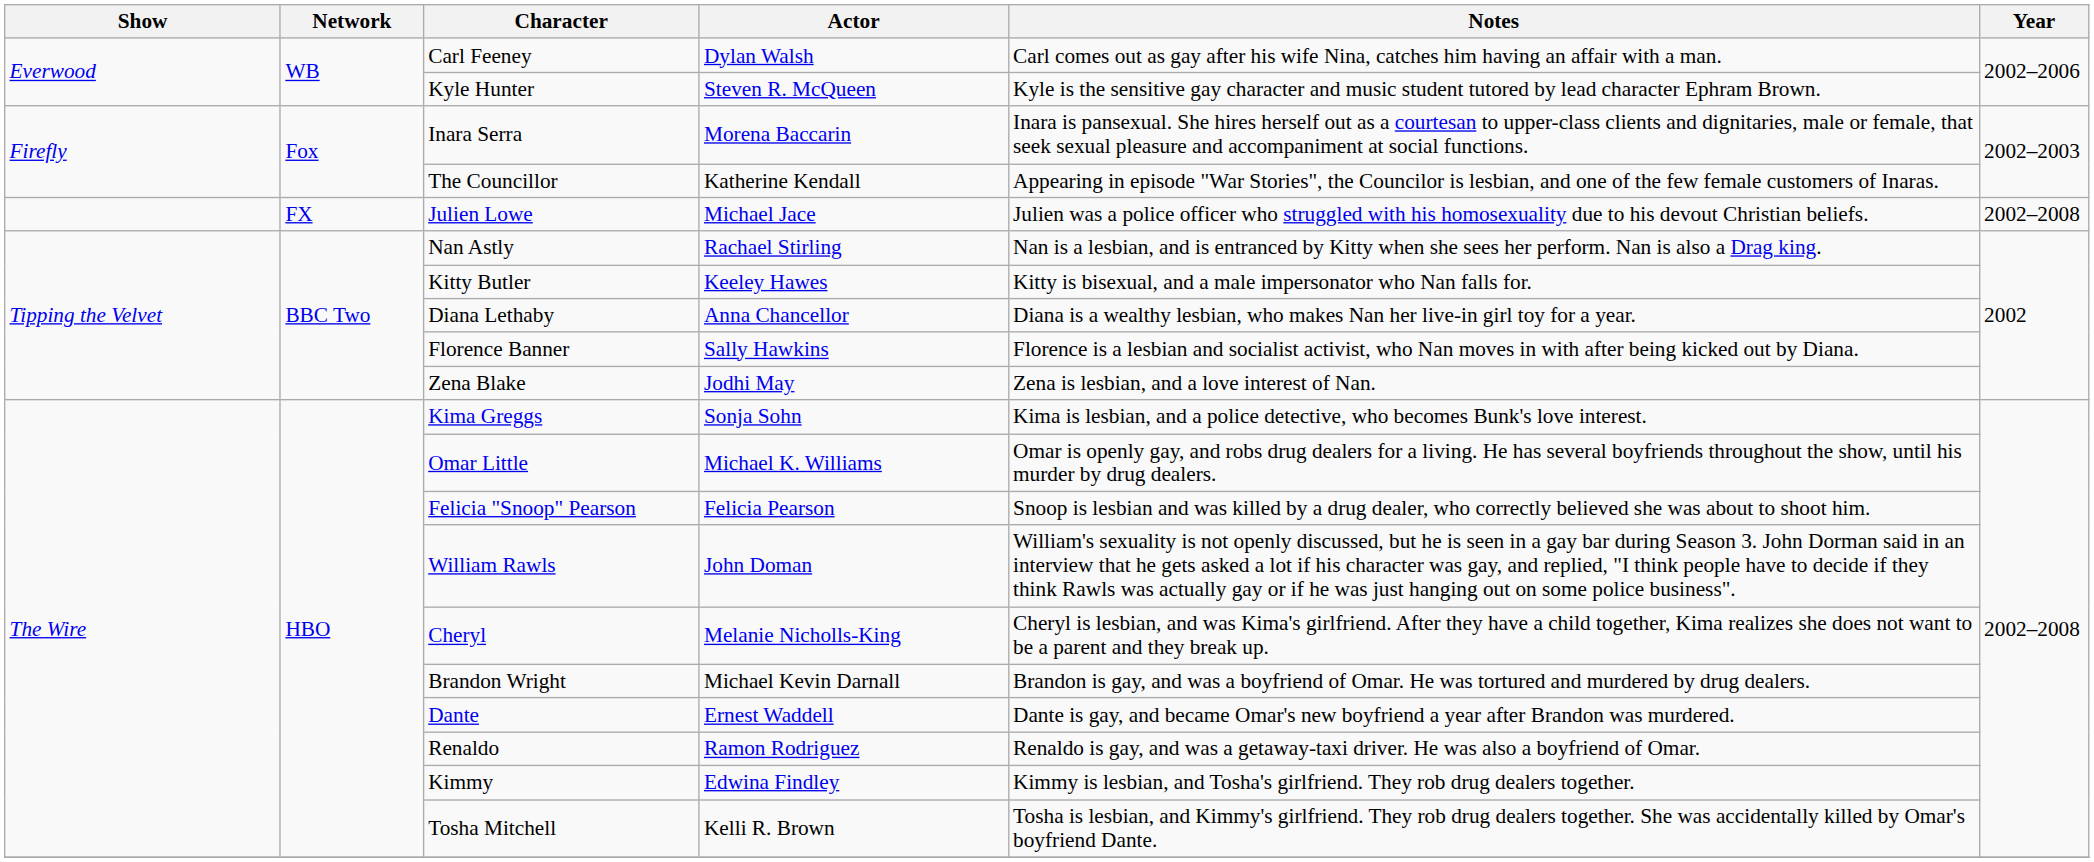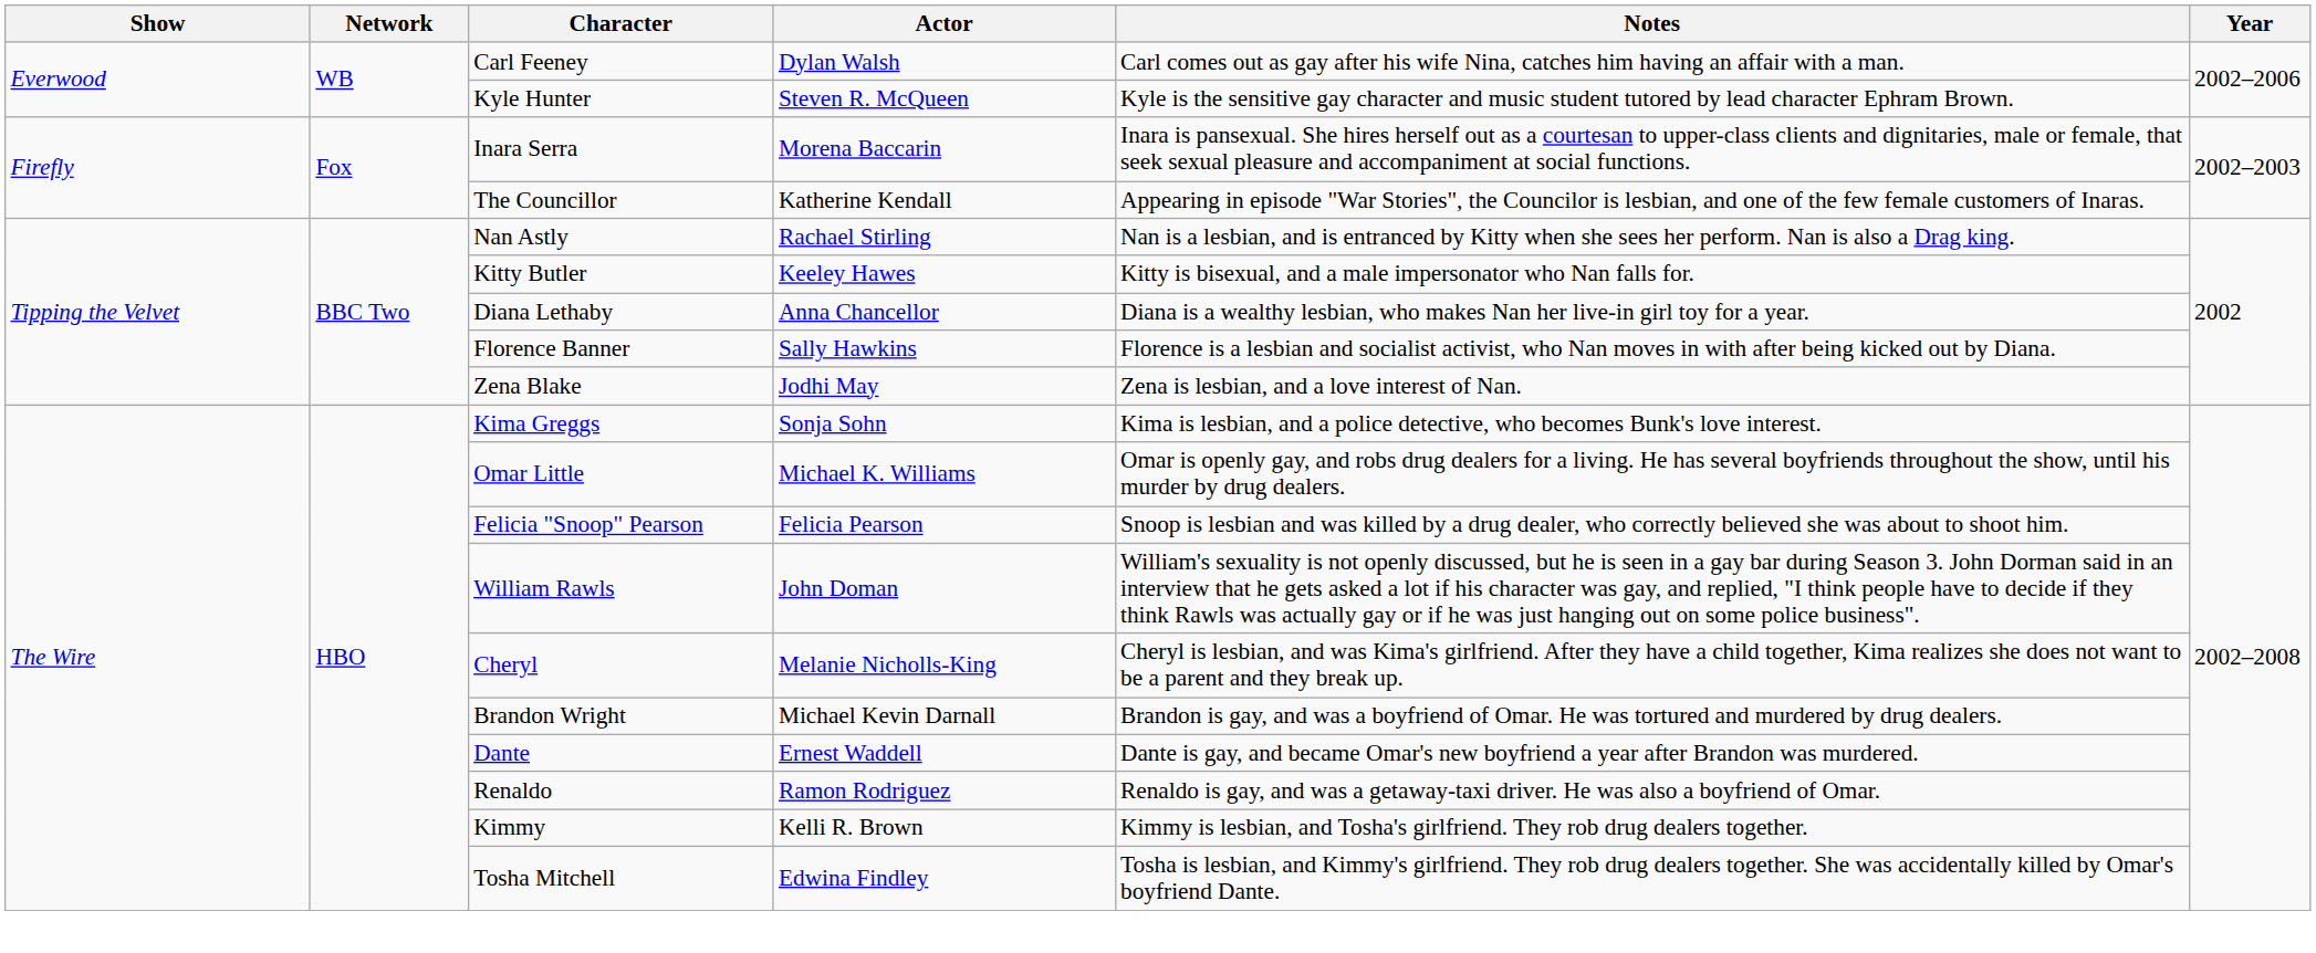 <table class="sortable wikitable" style="margins:auto; width=100%;">
 <tr>
 <th style="width:200px;">Show</th>
 <th style="width:100px;">Network</th>
 <th style="width:200px;">Character</th>
 <th style="width:225px;">Actor</th>
 <th>Notes</th>
 <th style="width:75px;">Year</th>
 </tr>
 <tr>
 <td rowspan="2"><em><a href='#'>Everwood</a></em></td>
 <td rowspan="2"><a href='#'>WB</a></td>
 <td>Carl Feeney</td>
 <td><a href='#'>Dylan Walsh</a></td>
 <td>Carl comes out as gay after his wife Nina, catches him having an affair with a man.</td>
 <td rowspan="2">2002–2006</td>
 </tr>
 <tr>
 <td>Kyle Hunter</td>
 <td><a href='#'>Steven R. McQueen</a></td>
 <td>Kyle is the sensitive gay character and music student tutored by lead character Ephram Brown.</td>
 </tr>
 <tr>
 <td rowspan="2"><em><a href='#'>Firefly</a></em></td>
 <td rowspan="2"><a href='#'>Fox</a></td>
 <td>Inara Serra</td>
 <td><a href='#'>Morena Baccarin</a></td>
 <td>Inara is pansexual. She hires herself out as a <a href='#'>courtesan</a> to upper-class clients and dignitaries, male or female, that seek sexual pleasure and accompaniment at social functions.</td>
 <td rowspan="2">2002–2003</td>
 </tr>
 <tr>
 <td>The Councillor</td>
 <td>Katherine Kendall</td>
 <td>Appearing in episode "War Stories", the Councilor is lesbian, and one of the few female customers of Inaras.</td>
-</tr>
-<tr>
-<td><em></em></td>
-<td><a href='#'>FX</a></td>
-<td><a href='#'>Julien Lowe</a></td>
-<td><a href='#'>Michael Jace</a></td>
-<td>Julien was a police officer who <a href='#'>struggled with his homosexuality</a> due to his devout Christian beliefs.</td>
-<td>2002–2008</td>
 </tr>
 <tr>
 <td rowspan="5"><em><a href='#'>Tipping the Velvet</a></em></td>
 <td rowspan="5"><a href='#'>BBC Two</a></td>
 <td>Nan Astly</td>
 <td><a href='#'>Rachael Stirling</a></td>
 <td>Nan is a lesbian, and is entranced by Kitty when she sees her perform. Nan is also a <a href='#'>Drag king</a>.</td>
 <td rowspan="5">2002</td>
 </tr>
 <tr>
 <td>Kitty Butler</td>
 <td><a href='#'>Keeley Hawes</a></td>
 <td>Kitty is bisexual, and a male impersonator who Nan falls for.</td>
 </tr>
 <tr>
 <td>Diana Lethaby</td>
 <td><a href='#'>Anna Chancellor</a></td>
 <td>Diana is a wealthy lesbian, who makes Nan her live-in girl toy for a year.</td>
 </tr>
 <tr>
 <td>Florence Banner</td>
 <td><a href='#'>Sally Hawkins</a></td>
 <td>Florence is a lesbian and socialist activist, who Nan moves in with after being kicked out by Diana.</td>
 </tr>
 <tr>
 <td>Zena Blake</td>
 <td><a href='#'>Jodhi May</a></td>
 <td>Zena is lesbian, and a love interest of Nan.</td>
 </tr>
 <tr>
 <td rowspan="10"><em><a href='#'>The Wire</a></em></td>
 <td rowspan="10"><a href='#'>HBO</a></td>
 <td><a href='#'>Kima Greggs</a></td>
 <td><a href='#'>Sonja Sohn</a></td>
 <td>Kima is lesbian, and a police detective, who becomes Bunk's love interest.</td>
 <td rowspan="10">2002–2008</td>
 </tr>
 <tr>
 <td><a href='#'>Omar Little</a></td>
 <td><a href='#'>Michael K. Williams</a></td>
 <td>Omar is openly gay, and robs drug dealers for a living. He has several boyfriends throughout the show, until his murder by drug dealers.</td>
 </tr>
 <tr>
 <td><a href='#'>Felicia "Snoop" Pearson</a></td>
 <td><a href='#'>Felicia Pearson</a></td>
 <td>Snoop is lesbian and was killed by a drug dealer, who correctly believed she was about to shoot him.</td>
 </tr>
 <tr>
 <td><a href='#'>William Rawls</a></td>
 <td><a href='#'>John Doman</a></td>
 <td>William's sexuality is not openly discussed, but he is seen in a gay bar during Season 3. John Dorman said in an interview that he gets asked a lot if his character was gay, and replied, "I think people have to decide if they think Rawls was actually gay or if he was just hanging out on some police business".</td>
 </tr>
 <tr>
 <td><a href='#'>Cheryl</a></td>
 <td><a href='#'>Melanie Nicholls-King</a></td>
 <td>Cheryl is lesbian, and was Kima's girlfriend. After they have a child together, Kima realizes she does not want to be a parent and they break up.</td>
 </tr>
 <tr>
 <td>Brandon Wright</td>
 <td>Michael Kevin Darnall</td>
 <td>Brandon is gay, and was a boyfriend of Omar. He was tortured and murdered by drug dealers.</td>
 </tr>
 <tr>
 <td><a href='#'>Dante</a></td>
 <td><a href='#'>Ernest Waddell</a></td>
 <td>Dante is gay, and became Omar's new boyfriend a year after Brandon was murdered.</td>
 </tr>
 <tr>
 <td>Renaldo</td>
 <td><a href='#'>Ramon Rodriguez</a></td>
 <td>Renaldo is gay, and was a getaway-taxi driver. He was also a boyfriend of Omar.</td>
 </tr>
 <tr>
 <td>Kimmy</td>
-<td><a href='#'>Edwina Findley</a></td>
+<td>Kelli R. Brown</td>
 <td>Kimmy is lesbian, and Tosha's girlfriend. They rob drug dealers together.</td>
 </tr>
 <tr>
 <td>Tosha Mitchell</td>
-<td>Kelli R. Brown</td>
+<td><a href='#'>Edwina Findley</a></td>
 <td>Tosha is lesbian, and Kimmy's girlfriend. They rob drug dealers together. She was accidentally killed by Omar's boyfriend Dante.</td>
 </tr>
 <tr>
 </tr>
 </table>
